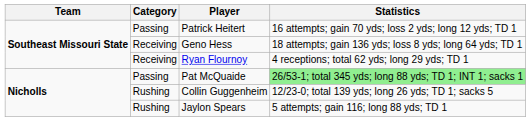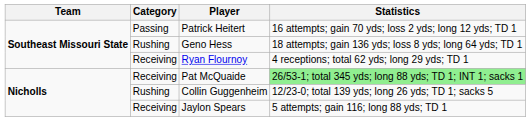 <table class="wikitable" style="float: right;">
 <tr>
 <th>Team</th>
 <th>Category</th>
 <th>Player</th>
 <th>Statistics</th>
 </tr>
 <tr>
 <td rowspan=3><strong>Southeast Missouri State</strong></td>
 <td>Passing</td>
 <td>Patrick Heitert</td>
 <td>16 attempts; gain 70 yds; loss 2 yds; long 12 yds; TD 1</td>
 </tr>
 <tr>
-<td>Receiving</td>
+<td>Rushing</td>
 <td>Geno Hess</td>
 <td>18 attempts; gain 136 yds; loss 8 yds; long 64 yds; TD 1</td>
 </tr>
 <tr>
 <td>Receiving</td>
 <td><a href='#'>Ryan Flournoy</a></td>
 <td>4 receptions; total 62 yds; long 29 yds; TD 1</td>
 </tr>
 <tr>
 <td rowspan=3><strong>Nicholls</strong></td>
-<td>Passing</td>
+<td>Receiving</td>
 <td>Pat McQuaide</td>
 <td style="background: lightgreen;">26/53-1; total 345 yds; long 88 yds; TD 1; INT 1; sacks 1</td>
 </tr>
 <tr>
 <td>Rushing</td>
 <td>Collin Guggenheim</td>
 <td>12/23-0; total 139 yds; long 26 yds; TD 1; sacks 5</td>
 </tr>
 <tr>
-<td>Rushing</td>
+<td>Receiving</td>
 <td>Jaylon Spears</td>
 <td>5 attempts; gain 116; long 88 yds; TD 1</td>
 </tr>
 </table>
